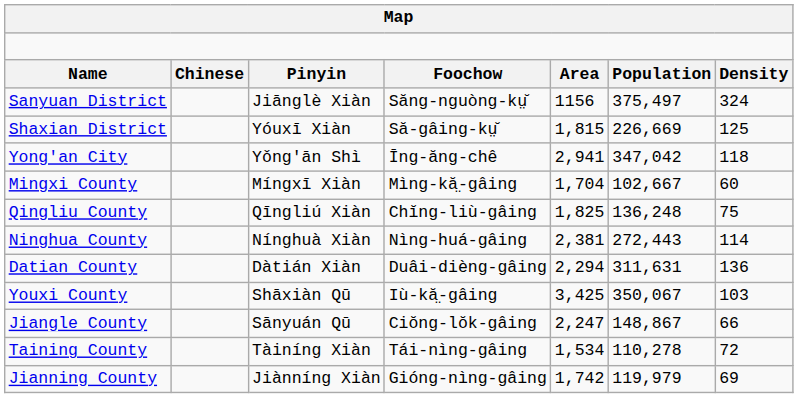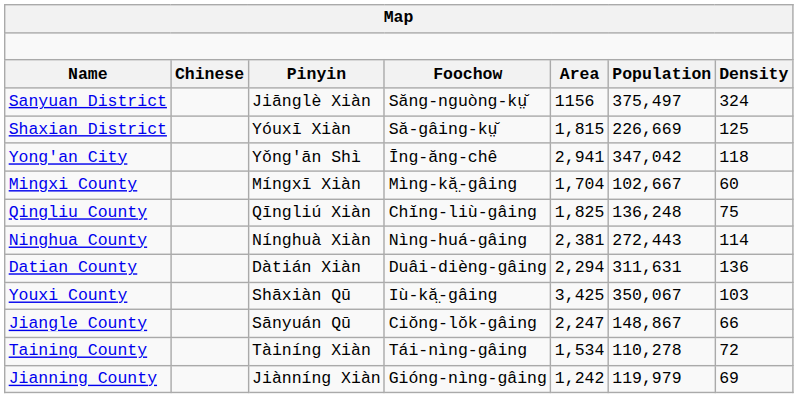 <table class="wikitable" style="font-size:90%;">
 <tr>
 <th colspan="7">Map</th>
 </tr>
 <tr>
 <td colspan="7"><div><br>              </div></td>
 </tr>
 <tr>
 <th>Name</th>
 <th>Chinese</th>
 <th>Pinyin</th>
 <th>Foochow</th>
 <th>Area</th>
 <th>Population</th>
 <th>Density</th>
 </tr>
 <tr>
 <td><a href='#'>Sanyuan District</a></td>
 <td></td>
 <td>Jiānglè Xiàn</td>
 <td>Săng-nguòng-kṳ̆</td>
 <td>1156</td>
 <td>375,497</td>
 <td>324</td>
 </tr>
 <tr>
 <td><a href='#'>Shaxian District</a></td>
 <td></td>
 <td>Yóuxī Xiàn</td>
 <td>Să-gâing-kṳ̆</td>
 <td>1,815</td>
 <td>226,669</td>
 <td>125</td>
 </tr>
 <tr>
 <td><a href='#'>Yong'an City</a></td>
 <td></td>
 <td>Yǒng'ān Shì</td>
 <td>Īng-ăng-chê</td>
 <td>2,941</td>
 <td>347,042</td>
 <td>118</td>
 </tr>
 <tr>
 <td><a href='#'>Mingxi County</a></td>
 <td></td>
 <td>Míngxī Xiàn</td>
 <td>Mìng-kă̤-gâing</td>
 <td>1,704</td>
 <td>102,667</td>
 <td>60</td>
 </tr>
 <tr>
 <td><a href='#'>Qingliu County</a></td>
 <td></td>
 <td>Qīngliú Xiàn</td>
 <td>Chĭng-liù-gâing</td>
 <td>1,825</td>
 <td>136,248</td>
 <td>75</td>
 </tr>
 <tr>
 <td><a href='#'>Ninghua County</a></td>
 <td></td>
 <td>Nínghuà Xiàn</td>
 <td>Nìng-huá-gâing</td>
 <td>2,381</td>
 <td>272,443</td>
 <td>114</td>
 </tr>
 <tr>
 <td><a href='#'>Datian County</a></td>
 <td></td>
 <td>Dàtián Xiàn</td>
 <td>Duâi-dièng-gâing</td>
 <td>2,294</td>
 <td>311,631</td>
 <td>136</td>
 </tr>
 <tr>
 <td><a href='#'>Youxi County</a></td>
 <td></td>
 <td>Shāxiàn Qū</td>
 <td>Iù-kă̤-gâing</td>
 <td>3,425</td>
 <td>350,067</td>
 <td>103</td>
 </tr>
 <tr>
 <td><a href='#'>Jiangle County</a></td>
 <td></td>
 <td>Sānyuán Qū</td>
 <td>Ciŏng-lŏk-gâing</td>
 <td>2,247</td>
 <td>148,867</td>
 <td>66</td>
 </tr>
 <tr>
 <td><a href='#'>Taining County</a></td>
 <td></td>
 <td>Tàiníng Xiàn</td>
 <td>Tái-nìng-gâing</td>
 <td>1,534</td>
 <td>110,278</td>
 <td>72</td>
 </tr>
 <tr>
 <td><a href='#'>Jianning County</a></td>
 <td></td>
 <td>Jiànníng Xiàn</td>
 <td>Gióng-nìng-gâing</td>
-<td>1,742</td>
+<td>1,242</td>
 <td>119,979</td>
 <td>69</td>
 </tr>
 </table>
